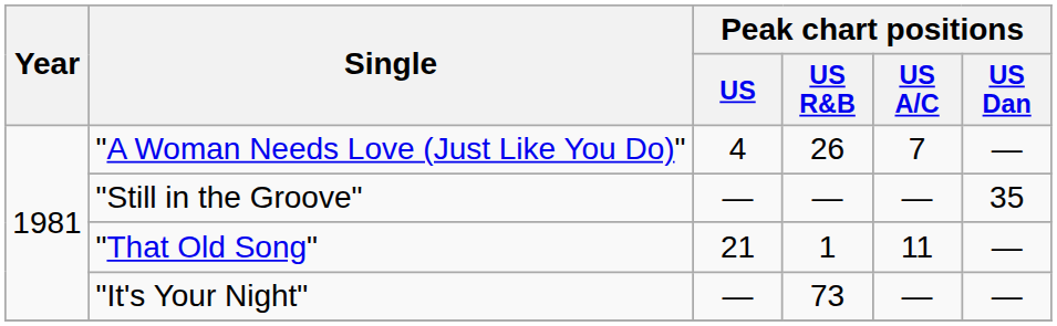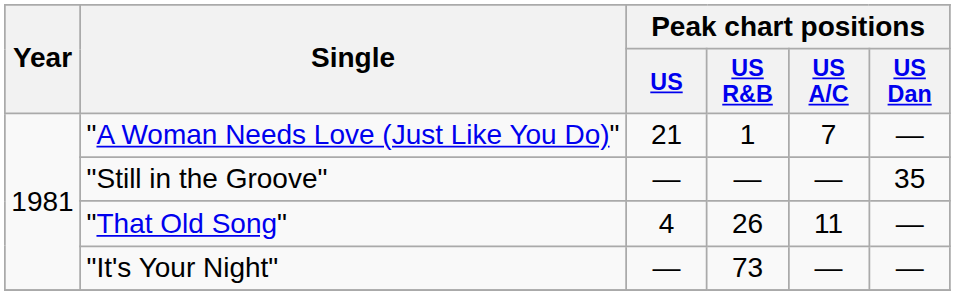 <table class="wikitable" style="text-align:center;">
 <tr>
 <th rowspan="2">Year</th>
 <th rowspan="2">Single</th>
 <th colspan="4">Peak chart positions</th>
 </tr>
 <tr style="font-size:smaller;">
 <th width="40"><a href='#'>US</a><br></th>
 <th width="40"><a href='#'>US<br>R&B</a><br></th>
 <th width="40"><a href='#'>US<br>A/C</a><br></th>
 <th width="40"><a href='#'>US<br>Dan</a><br></th>
 </tr>
 <tr>
 <td rowspan="4">1981</td>
 <td align="left">"<a href='#'>A Woman Needs Love (Just Like You Do)</a>"</td>
-<td>4</td>
-<td>26</td>
+<td>21</td>
+<td>1</td>
 <td>7</td>
 <td>—</td>
 </tr>
 <tr>
 <td align="left">"Still in the Groove"</td>
 <td>—</td>
 <td>—</td>
 <td>—</td>
 <td>35</td>
 </tr>
 <tr>
 <td align="left">"<a href='#'>That Old Song</a>"</td>
-<td>21</td>
-<td>1</td>
+<td>4</td>
+<td>26</td>
 <td>11</td>
 <td>—</td>
 </tr>
 <tr>
 <td align="left">"It's Your Night"</td>
 <td>—</td>
 <td>73</td>
 <td>—</td>
 <td>—</td>
 </tr>
 <tr>
 </tr>
 </table>
